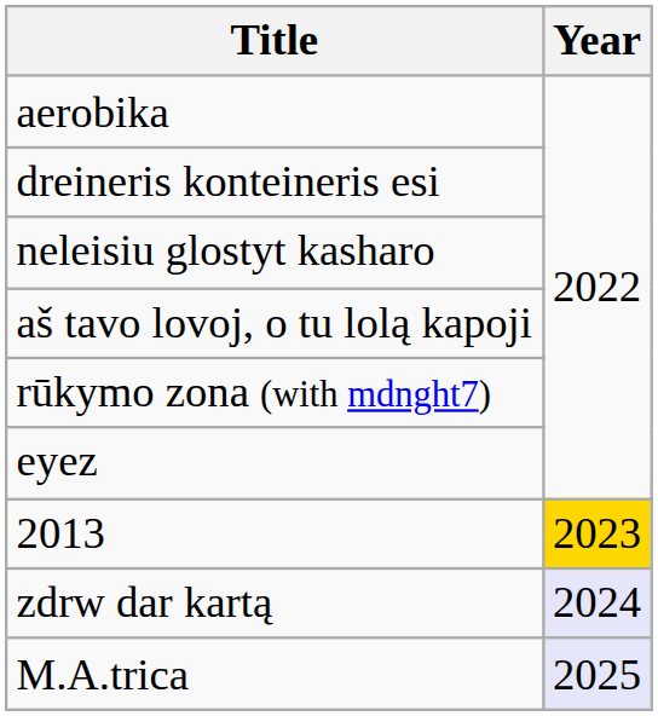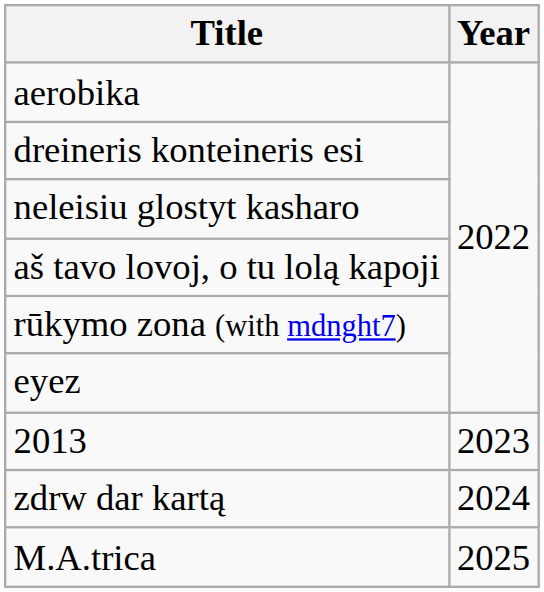 <table class="wikitable">
 <tr>
 <th>Title</th>
 <th>Year</th>
 </tr>
 <tr>
 <td>aerobika</td>
 <td rowspan="6">2022</td>
 </tr>
 <tr>
 <td>dreineris konteineris esi</td>
 </tr>
 <tr>
 <td>neleisiu glostyt kasharo</td>
 </tr>
 <tr>
 <td>aš tavo lovoj, o tu lolą kapoji</td>
 </tr>
 <tr>
 <td>rūkymo zona <small>(with <a href='#'>mdnght7</a>)</small></td>
 </tr>
 <tr>
 <td>eyez</td>
 </tr>
 <tr>
 <td>2013</td>
-<td style="background: gold;">2023</td>
+<td>2023</td>
 </tr>
 <tr>
 <td>zdrw dar kartą</td>
-<td style="background: lavender;">2024</td>
+<td>2024</td>
 </tr>
 <tr>
 <td>M.A.trica</td>
-<td style="background: lavender;">2025</td>
+<td>2025</td>
 </tr>
 </table>
